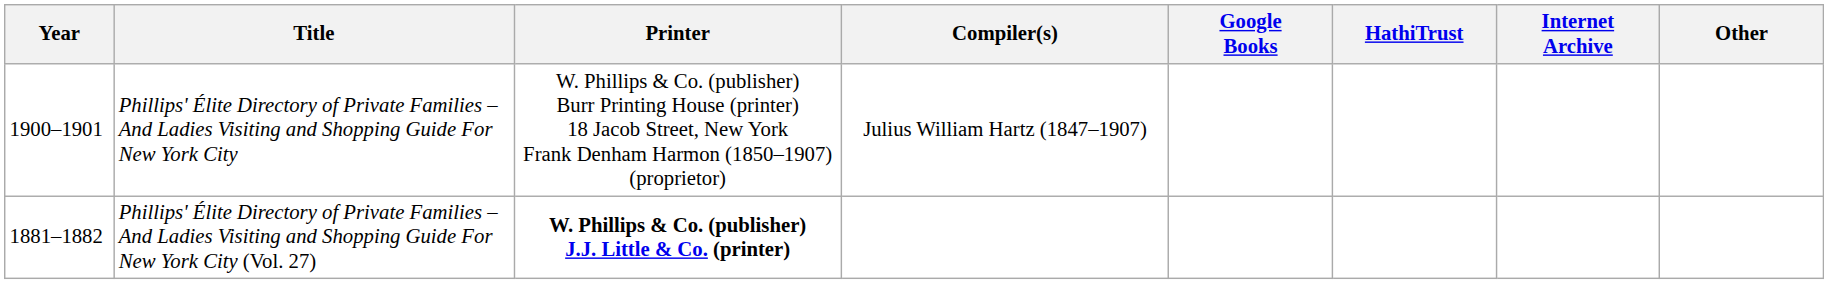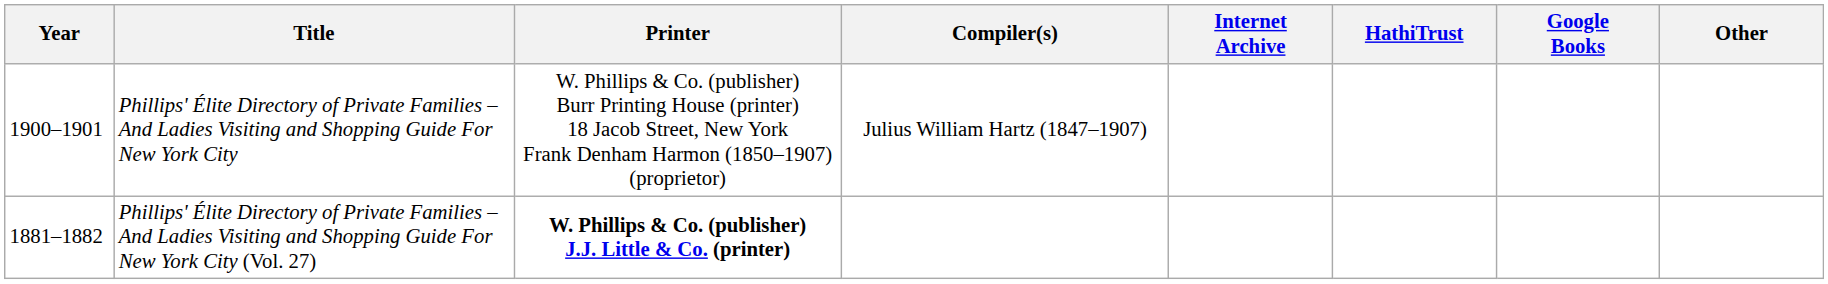 <table class="wikitable collapsible sortable" border="0" cellpadding="1" style="color:black; background-color: #FFFFFF; font-size: 90%; width:100%">
 <tr>
 <th>Year</th>
 <th>Title</th>
 <th>Printer</th>
 <th>Compiler(s)</th>
+<th><a href='#'>Internet<br>Archive</a></th>
+<th><a href='#'>HathiTrust</a></th>
 <th><a href='#'>Google<br>Books</a></th>
-<th><a href='#'>HathiTrust</a></th>
-<th><a href='#'>Internet<br>Archive</a></th>
 <th>Other</th>
 </tr>
 <tr>
 <td width="6%">1900–1901</td>
 <td width="22%"><em>Phillips' Élite Directory of Private Families – And Ladies Visiting and Shopping Guide For New York City</em></td>
 <td style="text-align:center" width="18%" data-sort-value="phillips">W. Phillips & Co. (publisher)<br>Burr Printing House (printer)<br>18 Jacob Street, New York<br>Frank Denham Harmon (1850–1907) (proprietor)</td>
 <td style="text-align:center" width="18%"  data-sort-value="hartz">Julius William Hartz (1847–1907)</td>
 <td style="text-align:center" width="9%"></td>
 <td style="text-align:center" width="9%"></td>
 <td style="text-align:center" width="9%"></td>
 <td style="text-align:center" width="9%"></td>
 </tr>
 <tr>
 <td width="6%">1881–1882</td>
 <td width="22%"><em>Phillips' Élite Directory of Private Families – And Ladies Visiting and Shopping Guide For New York City</em> (Vol. 27)</td>
 <td style="text-align:center" width="18%"  data-sort-value="phillips"><strong>W. Phillips & Co. (publisher)<br><a href='#'>J.J. Little & Co.</a> (printer)</strong></td>
 <td style="text-align:center" width="18%"></td>
 <td style="text-align:center" width="9%"></td>
 <td style="text-align:center" width="9%"></td>
 <td style="text-align:center" width="9%"></td>
 <td style="text-align:center" width="9%"></td>
 </tr>
 </table>
